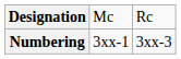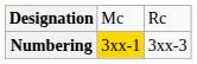 <table class="wikitable">
 <tr>
 <th>Designation</th>
 <td>Mc</td>
 <td>Rc</td>
 </tr>
 <tr>
 <th>Numbering</th>
-<td>3xx-1</td>
+<td style="background: gold;">3xx-1</td>
 <td>3xx-3</td>
 </tr>
 </table>
